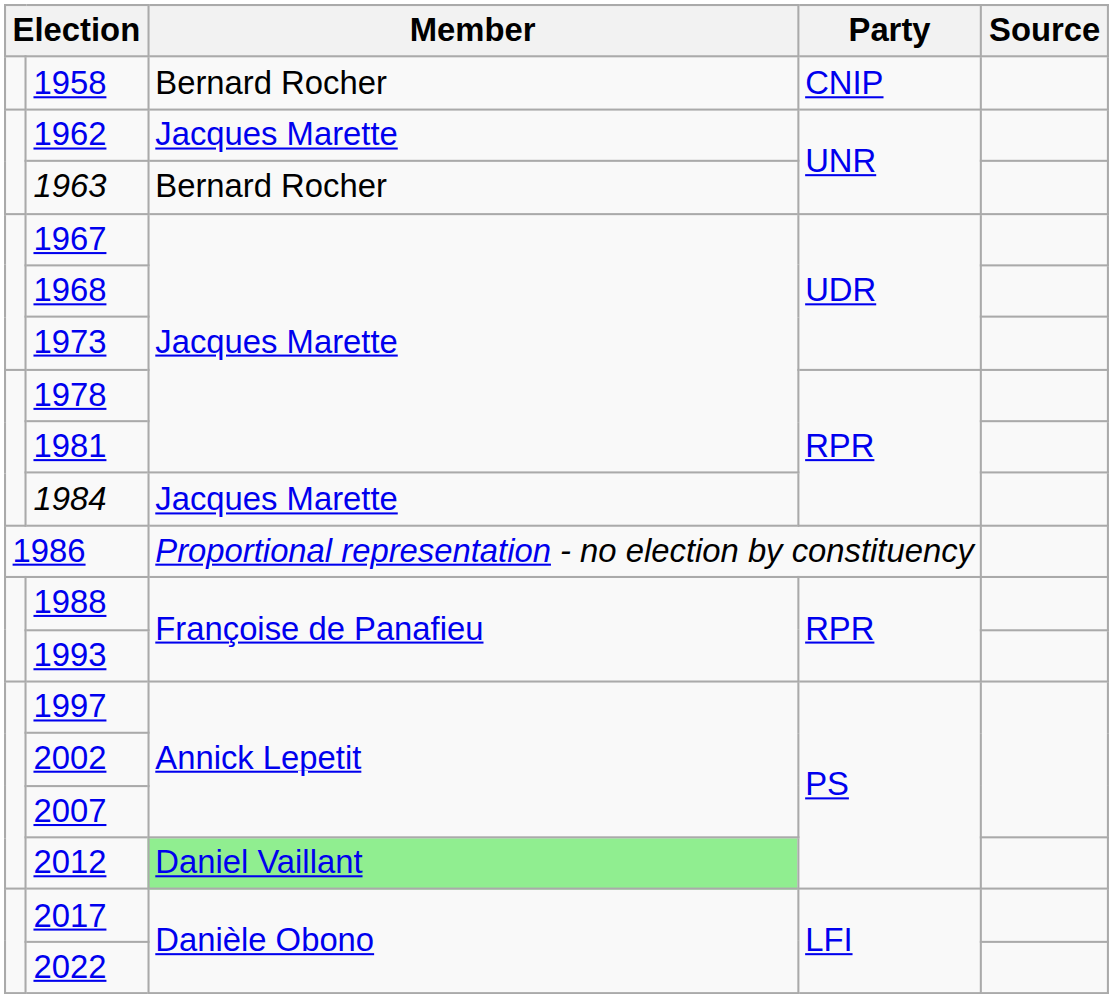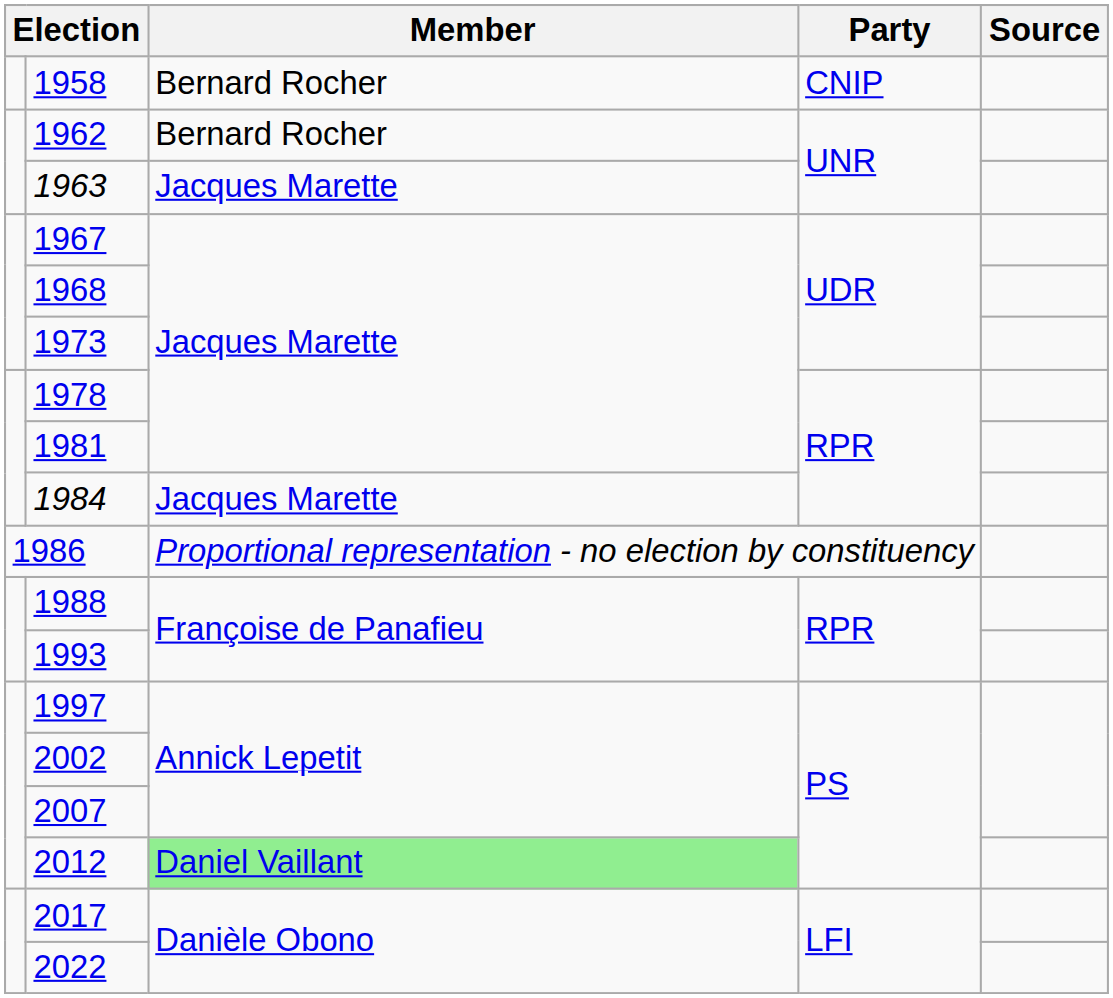 <table class="wikitable">
 <tr>
 <th colspan="2">Election</th>
 <th>Member</th>
 <th>Party</th>
 <th>Source</th>
 </tr>
 <tr>
 <td style="color:inherit;background-color: "></td>
 <td><a href='#'>1958</a></td>
 <td>Bernard Rocher</td>
 <td><a href='#'>CNIP</a></td>
 <td></td>
 </tr>
 <tr>
 <td rowspan="2" style="color:inherit;background-color: "></td>
 <td><a href='#'>1962</a></td>
-<td><a href='#'>Jacques Marette</a></td>
+<td>Bernard Rocher</td>
 <td rowspan="2"><a href='#'>UNR</a></td>
 <td></td>
 </tr>
 <tr>
 <td><em>1963</em></td>
-<td>Bernard Rocher</td>
+<td><a href='#'>Jacques Marette</a></td>
 <td></td>
 </tr>
 <tr>
 <td rowspan="3" style="color:inherit;background-color: "></td>
 <td><a href='#'>1967</a></td>
 <td rowspan="5"><a href='#'>Jacques Marette</a></td>
 <td rowspan="3"><a href='#'>UDR</a></td>
 <td></td>
 </tr>
 <tr>
 <td><a href='#'>1968</a></td>
 <td></td>
 </tr>
 <tr>
 <td><a href='#'>1973</a></td>
 <td></td>
 </tr>
 <tr>
 <td rowspan="3" style="color:inherit;background-color: "></td>
 <td><a href='#'>1978</a></td>
 <td rowspan="3"><a href='#'>RPR</a></td>
 <td></td>
 </tr>
 <tr>
 <td><a href='#'>1981</a></td>
 <td></td>
 </tr>
 <tr>
 <td><em>1984</em></td>
 <td><a href='#'>Jacques Marette</a></td>
 <td></td>
 </tr>
 <tr>
 <td colspan="2"><a href='#'>1986</a></td>
 <td colspan="2"><em><a href='#'>Proportional representation</a> - no election by constituency</em></td>
 <td></td>
 </tr>
 <tr>
 <td rowspan="2" style="color:inherit;background-color: "></td>
 <td><a href='#'>1988</a></td>
 <td rowspan="2"><a href='#'>Françoise de Panafieu</a></td>
 <td rowspan="2"><a href='#'>RPR</a></td>
 <td></td>
 </tr>
 <tr>
 <td><a href='#'>1993</a></td>
 <td></td>
 </tr>
 <tr>
 <td rowspan="4" style="color:inherit;background-color: "></td>
 <td><a href='#'>1997</a></td>
 <td rowspan=3><a href='#'>Annick Lepetit</a></td>
 <td rowspan=4><a href='#'>PS</a></td>
 </tr>
 <tr>
 <td><a href='#'>2002</a></td>
 </tr>
 <tr>
 <td><a href='#'>2007</a></td>
 </tr>
 <tr>
 <td><a href='#'>2012</a></td>
 <td style="background: lightgreen;"><a href='#'>Daniel Vaillant</a></td>
 <td></td>
 </tr>
 <tr>
 <td rowspan="2" style="color:inherit;background:"></td>
 <td><a href='#'>2017</a></td>
 <td rowspan="2"><a href='#'>Danièle Obono</a></td>
 <td rowspan="2"><a href='#'>LFI</a></td>
 <td></td>
 </tr>
 <tr>
 <td><a href='#'>2022</a></td>
 <td></td>
 </tr>
 </table>
